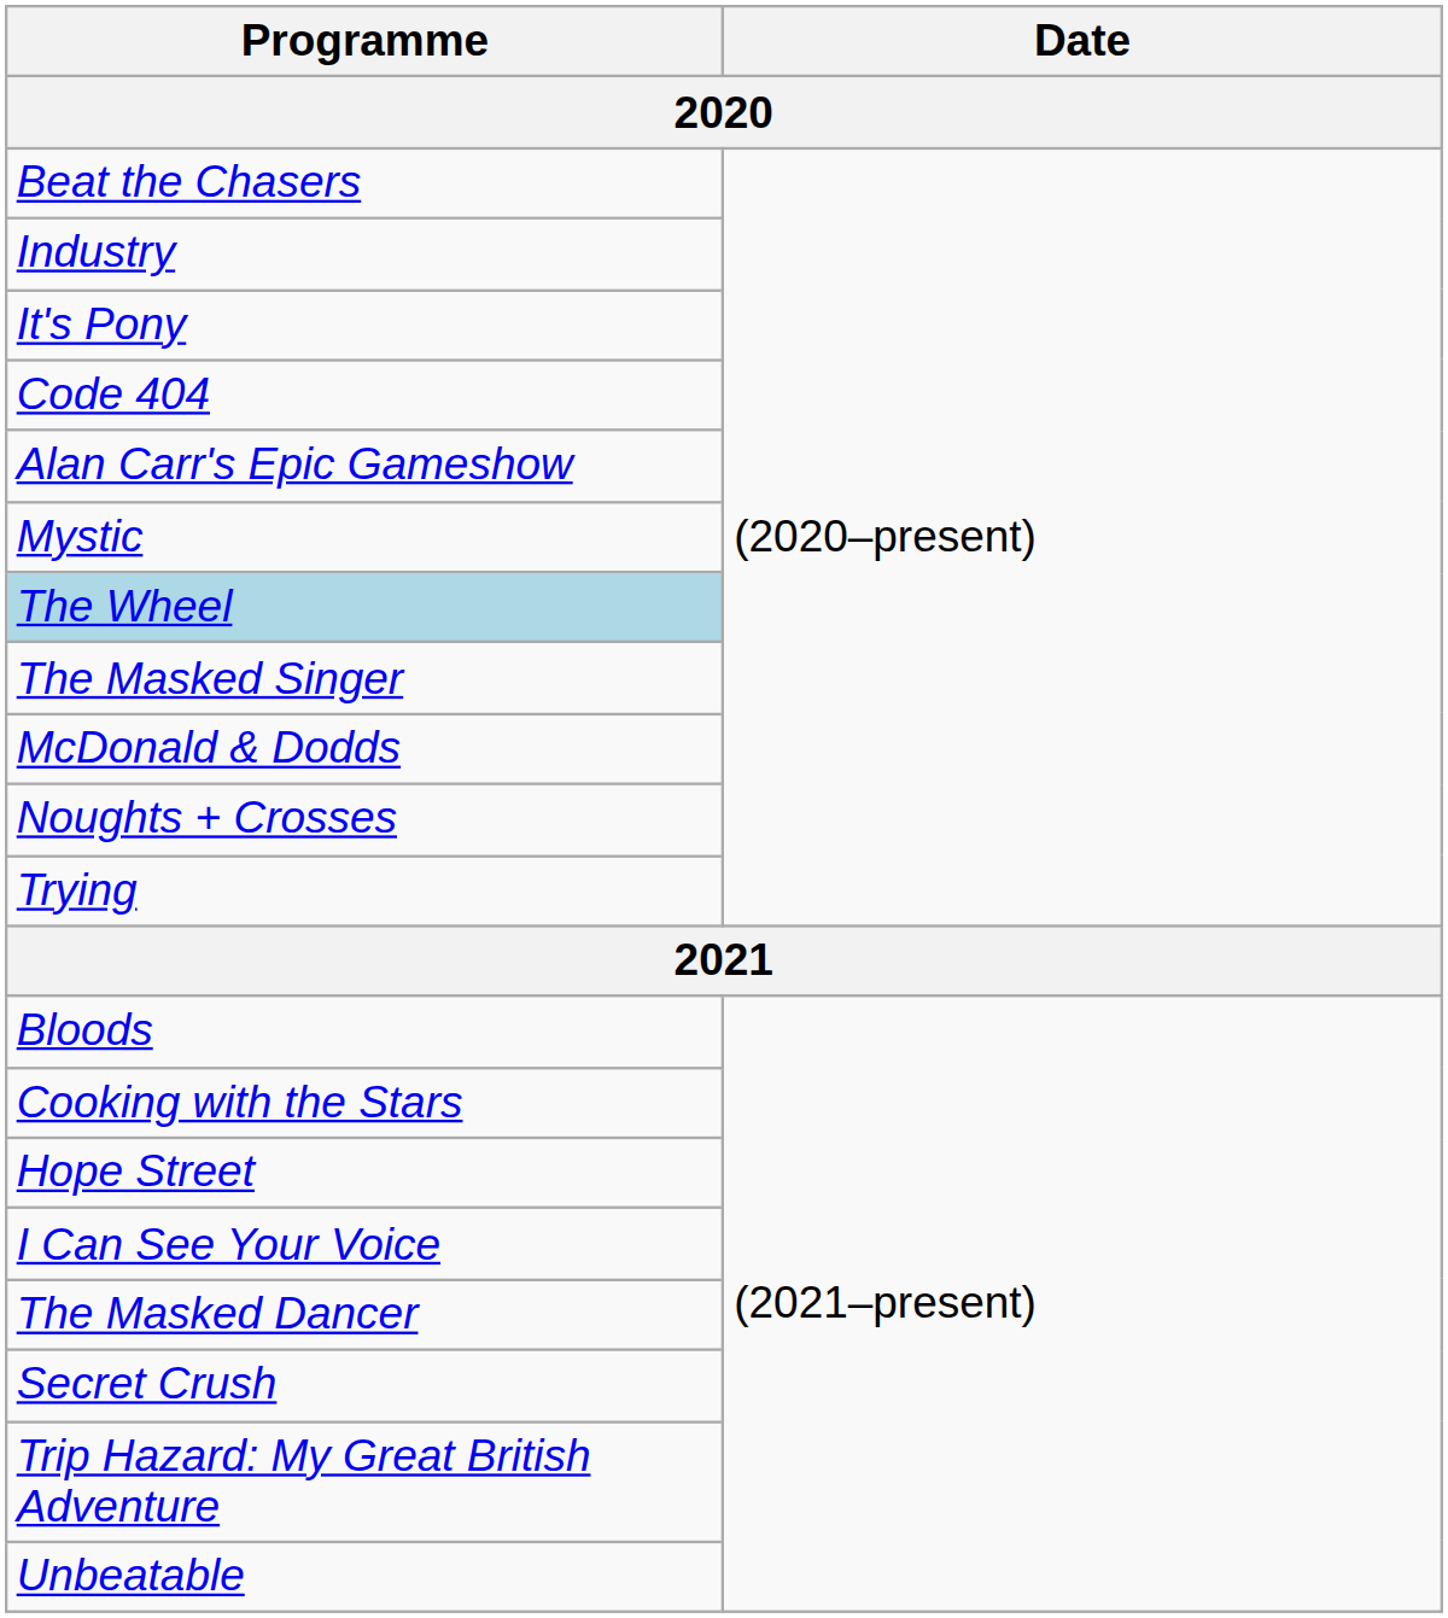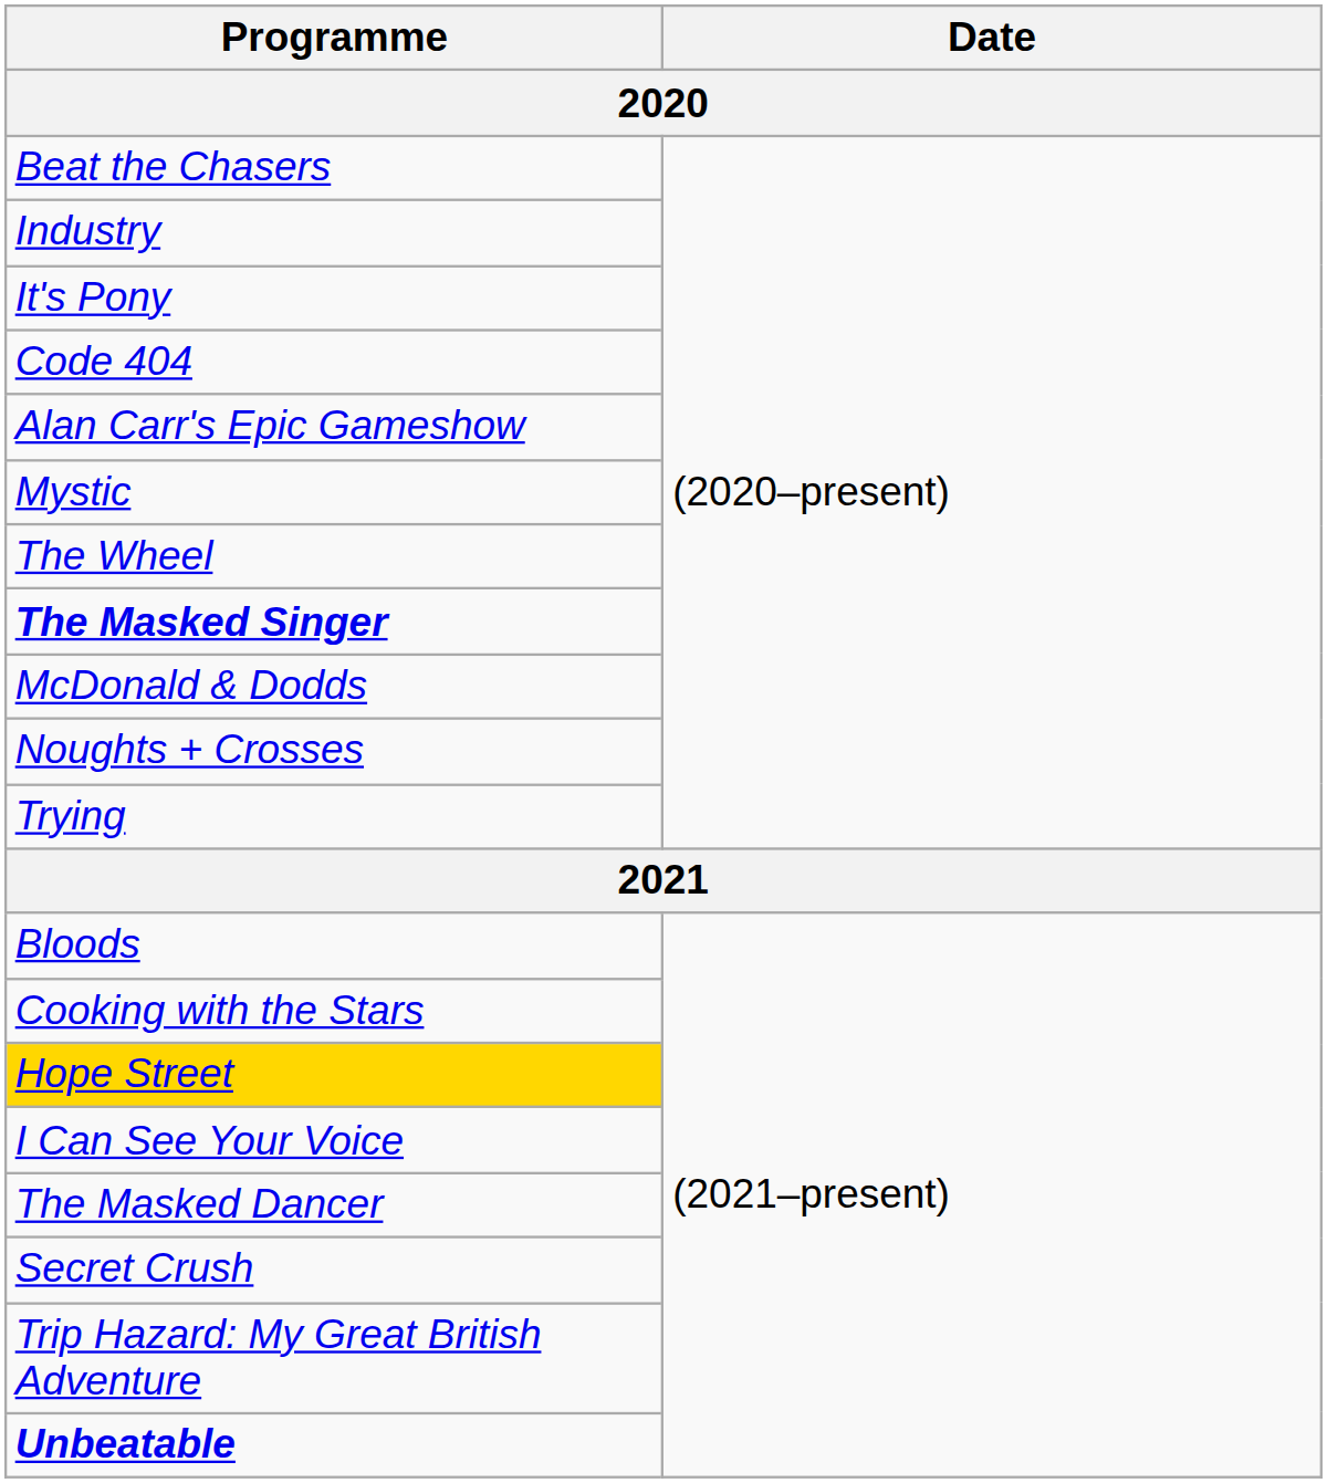 <table class="wikitable">
 <tr>
 <th width=250>Programme</th>
 <th width=250>Date</th>
 </tr>
 <tr>
 <th colspan=2>2020</th>
 </tr>
 <tr>
 <td><em><a href='#'>Beat the Chasers</a></em></td>
 <td rowspan="11">(2020–present)</td>
 </tr>
 <tr>
 <td><em><a href='#'>Industry</a></em></td>
 </tr>
 <tr>
 <td><em><a href='#'>It's Pony</a></em></td>
 </tr>
 <tr>
 <td><em><a href='#'>Code 404</a></em></td>
 </tr>
 <tr>
 <td><em><a href='#'>Alan Carr's Epic Gameshow</a></em></td>
 </tr>
 <tr>
 <td><em><a href='#'>Mystic</a></em></td>
 </tr>
 <tr>
-<td style="background: lightblue;"><em><a href='#'>The Wheel</a></em></td>
+<td><em><a href='#'>The Wheel</a></em></td>
 </tr>
 <tr>
-<td><em><a href='#'>The Masked Singer</a></em></td>
+<td><strong><em><a href='#'>The Masked Singer</a></em></strong></td>
 </tr>
 <tr>
 <td><em><a href='#'>McDonald & Dodds</a></em></td>
 </tr>
 <tr>
 <td><em><a href='#'>Noughts + Crosses</a></em></td>
 </tr>
 <tr>
 <td><em><a href='#'>Trying</a></em></td>
 </tr>
 <tr>
 <th colspan=2>2021</th>
 </tr>
 <tr>
 <td><em><a href='#'>Bloods</a></em></td>
 <td rowspan=8>(2021–present)</td>
 </tr>
 <tr>
 <td><em><a href='#'>Cooking with the Stars</a></em></td>
 </tr>
 <tr>
-<td><em><a href='#'>Hope Street</a></em></td>
+<td style="background: gold;"><em><a href='#'>Hope Street</a></em></td>
 </tr>
 <tr>
 <td><em><a href='#'>I Can See Your Voice</a></em></td>
 </tr>
 <tr>
 <td><em><a href='#'>The Masked Dancer</a></em></td>
 </tr>
 <tr>
 <td><em><a href='#'>Secret Crush</a></em></td>
 </tr>
 <tr>
 <td><em><a href='#'>Trip Hazard: My Great British Adventure</a></em></td>
 </tr>
 <tr>
-<td><em><a href='#'>Unbeatable</a></em></td>
+<td><strong><em><a href='#'>Unbeatable</a></em></strong></td>
 </tr>
 </table>
